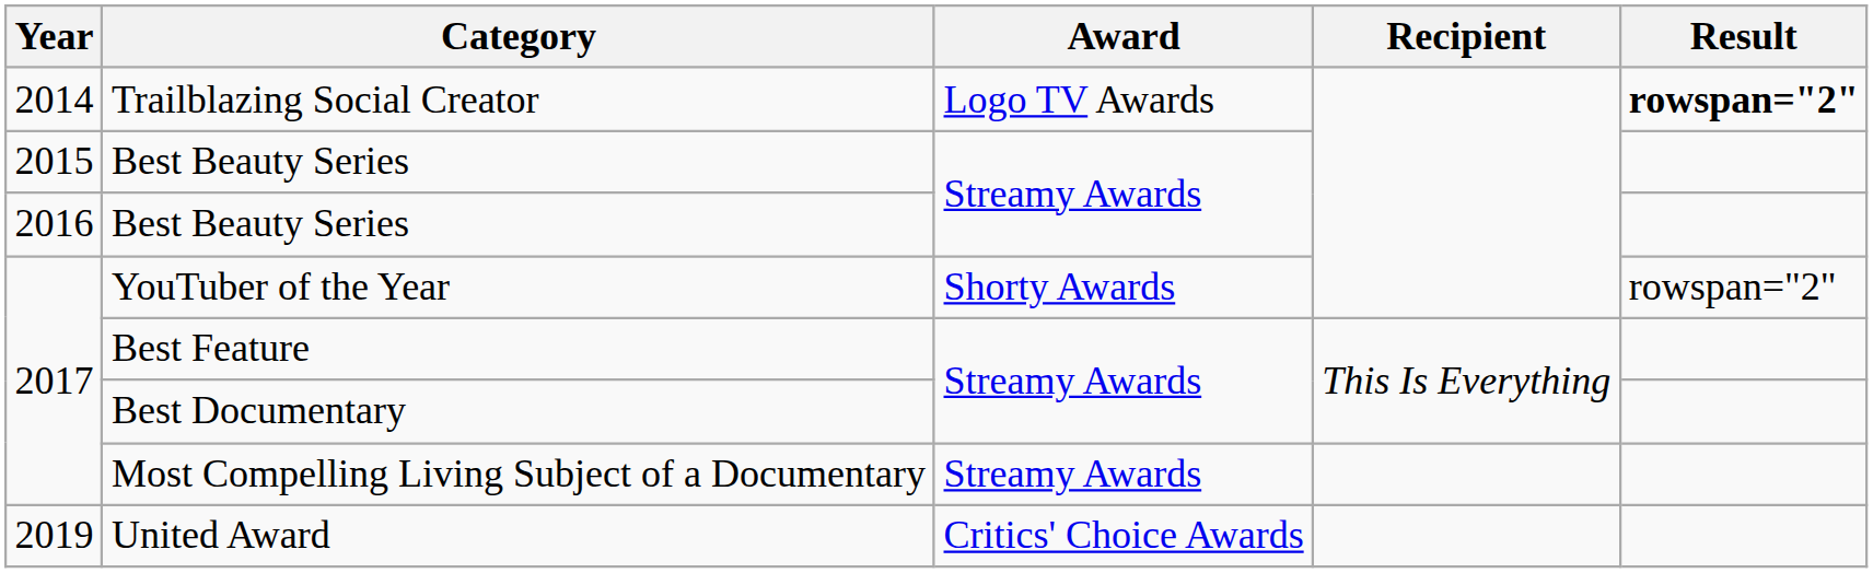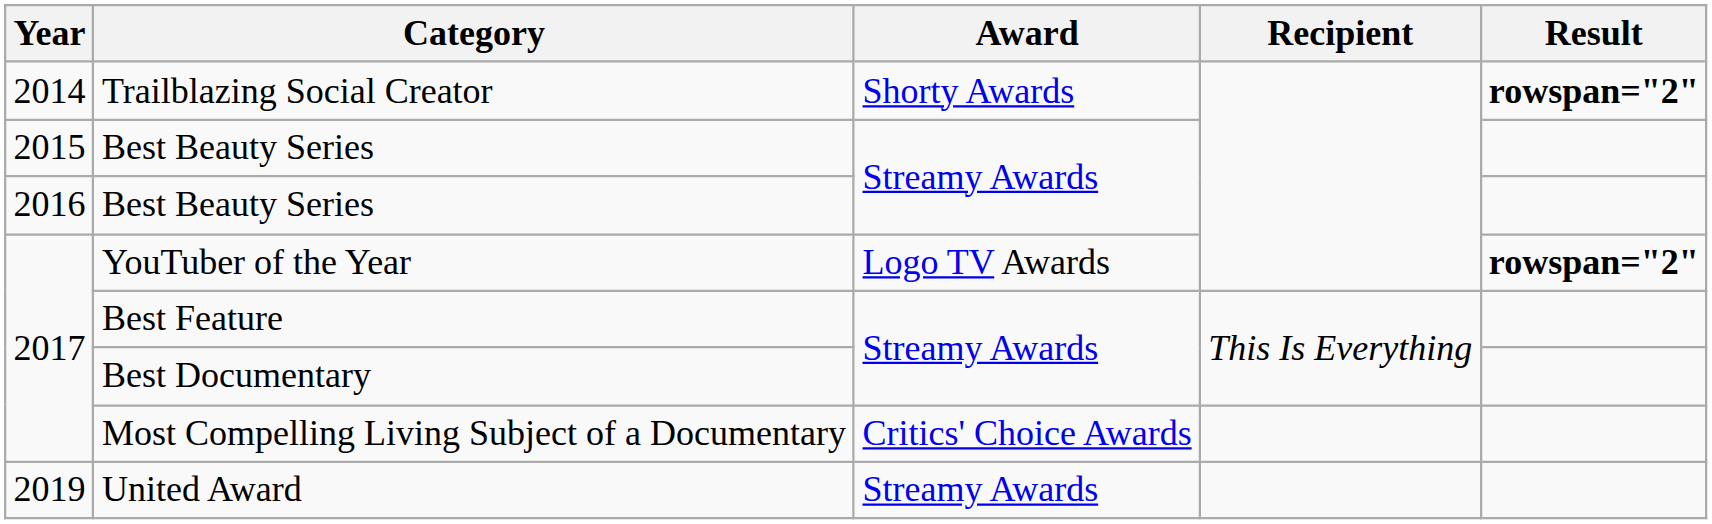 <table class="wikitable sortable">
 <tr>
 <th>Year</th>
 <th>Category</th>
 <th>Award</th>
 <th>Recipient</th>
 <th>Result</th>
 </tr>
 <tr>
 <td>2014</td>
 <td>Trailblazing Social Creator</td>
-<td><a href='#'>Logo TV</a> Awards</td>
+<td rowspan="1"><a href='#'>Shorty Awards</a></td>
 <td rowspan="4"></td>
 <td><strong>rowspan="2" </strong></td>
 </tr>
 <tr>
 <td>2015</td>
 <td>Best Beauty Series</td>
 <td rowspan="2"><a href='#'>Streamy Awards</a></td>
 </tr>
 <tr>
 <td>2016</td>
 <td>Best Beauty Series</td>
 <td></td>
 </tr>
 <tr>
 <td rowspan="4">2017</td>
 <td>YouTuber of the Year</td>
-<td rowspan="1"><a href='#'>Shorty Awards</a></td>
-<td>rowspan="2" </td>
+<td><a href='#'>Logo TV</a> Awards</td>
+<td><strong>rowspan="2" </strong></td>
 </tr>
 <tr>
 <td>Best Feature</td>
 <td rowspan="2"><a href='#'>Streamy Awards</a></td>
 <td rowspan="2"><em>This Is Everything</em></td>
 </tr>
 <tr>
 <td>Best Documentary</td>
 <td></td>
 </tr>
 <tr>
 <td>Most Compelling Living Subject of a Documentary</td>
-<td><a href='#'>Streamy Awards</a></td>
+<td><a href='#'>Critics' Choice Awards</a></td>
 <td></td>
 <td></td>
 </tr>
 <tr>
 <td>2019</td>
 <td>United Award</td>
-<td><a href='#'>Critics' Choice Awards</a></td>
+<td><a href='#'>Streamy Awards</a></td>
 <td></td>
 <td></td>
 </tr>
 </table>
